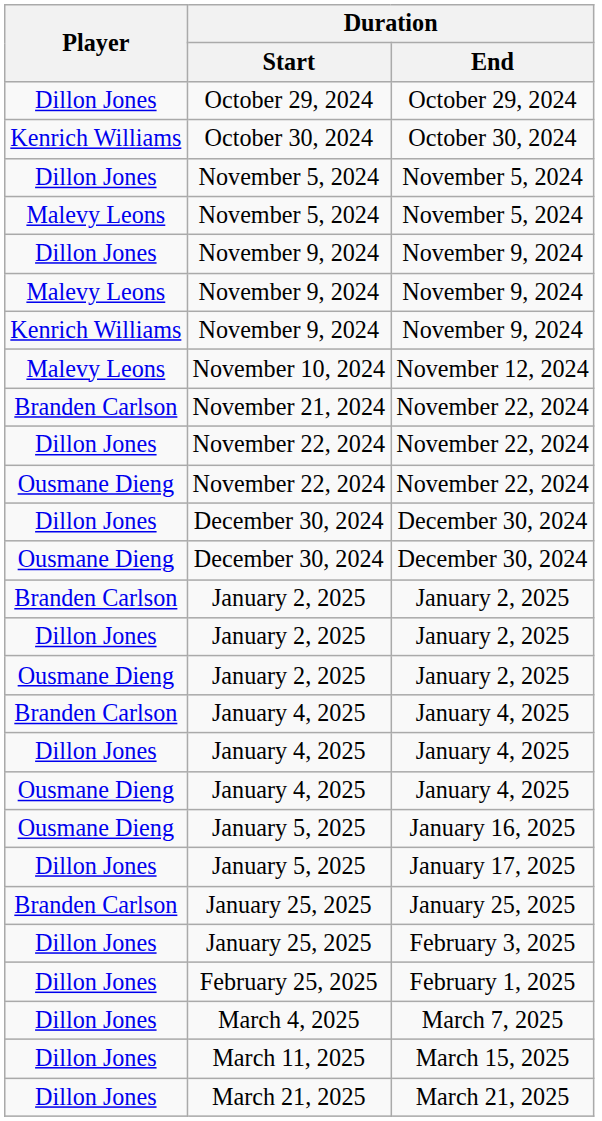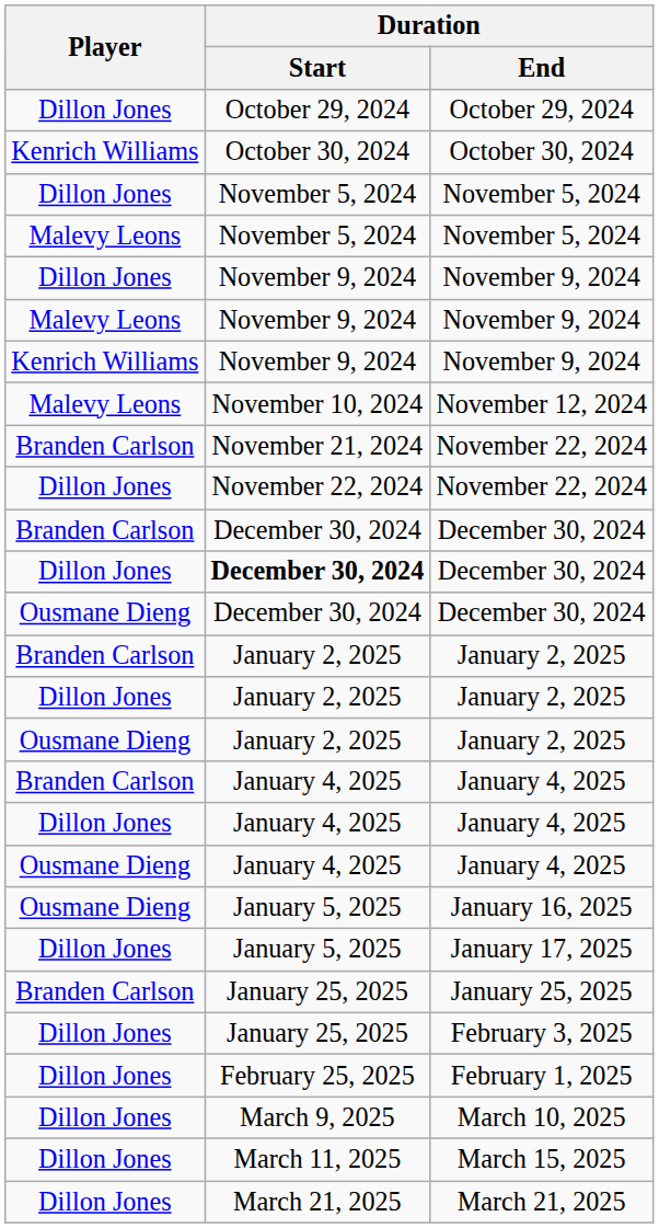 <table class="wikitable collapsible" style="text-align:center;">
 <tr>
 <th rowspan="2">Player</th>
 <th colspan="2">Duration</th>
 </tr>
 <tr>
 <th>Start</th>
 <th>End</th>
 </tr>
 <tr>
 <td><a href='#'>Dillon Jones</a></td>
 <td>October 29, 2024</td>
 <td>October 29, 2024</td>
 </tr>
 <tr>
 <td><a href='#'>Kenrich Williams</a></td>
 <td>October 30, 2024</td>
 <td>October 30, 2024</td>
 </tr>
 <tr>
 <td><a href='#'>Dillon Jones</a></td>
 <td>November 5, 2024</td>
 <td>November 5, 2024</td>
 </tr>
 <tr>
 <td><a href='#'>Malevy Leons</a></td>
 <td>November 5, 2024</td>
 <td>November 5, 2024</td>
 </tr>
 <tr>
 <td><a href='#'>Dillon Jones</a></td>
 <td>November 9, 2024</td>
 <td>November 9, 2024</td>
 </tr>
 <tr>
 <td><a href='#'>Malevy Leons</a></td>
 <td>November 9, 2024</td>
 <td>November 9, 2024</td>
 </tr>
 <tr>
 <td><a href='#'>Kenrich Williams</a></td>
 <td>November 9, 2024</td>
 <td>November 9, 2024</td>
 </tr>
 <tr>
 <td><a href='#'>Malevy Leons</a></td>
 <td>November 10, 2024</td>
 <td>November 12, 2024</td>
 </tr>
 <tr>
 <td><a href='#'>Branden Carlson</a></td>
 <td>November 21, 2024</td>
 <td>November 22, 2024</td>
 </tr>
 <tr>
 <td><a href='#'>Dillon Jones</a></td>
 <td>November 22, 2024</td>
 <td>November 22, 2024</td>
 </tr>
 <tr>
-<td><a href='#'>Ousmane Dieng</a></td>
-<td>November 22, 2024</td>
-<td>November 22, 2024</td>
+<td><a href='#'>Branden Carlson</a></td>
+<td>December 30, 2024</td>
+<td>December 30, 2024</td>
 </tr>
 <tr>
 <td><a href='#'>Dillon Jones</a></td>
-<td>December 30, 2024</td>
+<td><strong>December 30, 2024</strong></td>
 <td>December 30, 2024</td>
 </tr>
 <tr>
 <td><a href='#'>Ousmane Dieng</a></td>
 <td>December 30, 2024</td>
 <td>December 30, 2024</td>
 </tr>
 <tr>
 <td><a href='#'>Branden Carlson</a></td>
 <td>January  2, 2025</td>
 <td>January 2, 2025</td>
 </tr>
 <tr>
 <td><a href='#'>Dillon Jones</a></td>
 <td>January 2, 2025</td>
 <td>January 2, 2025</td>
 </tr>
 <tr>
 <td><a href='#'>Ousmane Dieng</a></td>
 <td>January 2, 2025</td>
 <td>January 2, 2025</td>
 </tr>
 <tr>
 <td><a href='#'>Branden Carlson</a></td>
 <td>January  4, 2025</td>
 <td>January 4, 2025</td>
 </tr>
 <tr>
 <td><a href='#'>Dillon Jones</a></td>
 <td>January 4, 2025</td>
 <td>January 4, 2025</td>
 </tr>
 <tr>
 <td><a href='#'>Ousmane Dieng</a></td>
 <td>January 4, 2025</td>
 <td>January 4, 2025</td>
 </tr>
 <tr>
 <td><a href='#'>Ousmane Dieng</a></td>
 <td>January 5, 2025</td>
 <td>January 16, 2025</td>
 </tr>
 <tr>
 <td><a href='#'>Dillon Jones</a></td>
 <td>January 5, 2025</td>
 <td>January 17, 2025</td>
 </tr>
 <tr>
 <td><a href='#'>Branden Carlson</a></td>
 <td>January 25, 2025</td>
 <td>January 25, 2025</td>
 </tr>
 <tr>
 <td><a href='#'>Dillon Jones</a></td>
 <td>January 25, 2025</td>
 <td>February 3, 2025</td>
 </tr>
 <tr>
 <td><a href='#'>Dillon Jones</a></td>
 <td>February 25, 2025</td>
 <td>February 1, 2025</td>
 </tr>
 <tr>
 <td><a href='#'>Dillon Jones</a></td>
-<td>March 4, 2025</td>
-<td>March 7, 2025</td>
+<td>March 9, 2025</td>
+<td>March 10, 2025</td>
 </tr>
 <tr>
 <td><a href='#'>Dillon Jones</a></td>
 <td>March 11, 2025</td>
 <td>March 15, 2025</td>
 </tr>
 <tr>
 <td><a href='#'>Dillon Jones</a></td>
 <td>March 21, 2025</td>
 <td>March 21, 2025</td>
 </tr>
 </table>
